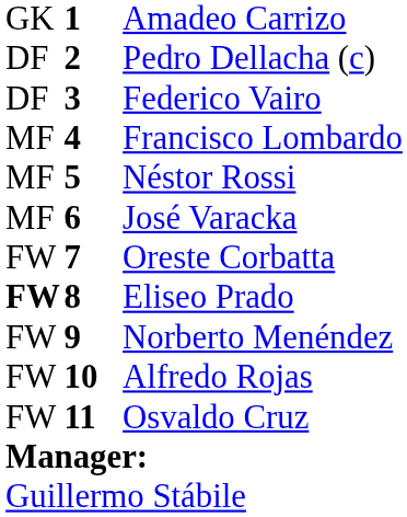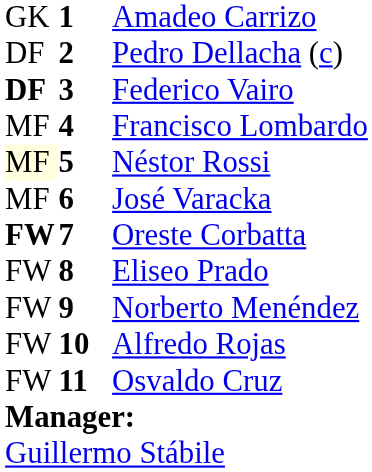 <table style="font-size:90%; margin:0.2em auto;" cellspacing="0" cellpadding="0">
 <tr>
 <th width="25"></th>
 <th width="25"></th>
 </tr>
 <tr>
 <td>GK</td>
 <td><strong>1</strong></td>
 <td><a href='#'>Amadeo Carrizo</a></td>
 </tr>
 <tr>
 <td>DF</td>
 <td><strong>2</strong></td>
 <td><a href='#'>Pedro Dellacha</a> (<a href='#'>c</a>)</td>
 </tr>
 <tr>
-<td>DF</td>
+<td><strong>DF</strong></td>
 <td><strong>3</strong></td>
 <td><a href='#'>Federico Vairo</a></td>
 </tr>
 <tr>
 <td>MF</td>
 <td><strong>4</strong></td>
 <td><a href='#'>Francisco Lombardo</a></td>
 </tr>
 <tr>
-<td>MF</td>
+<td style="background: lightyellow;">MF</td>
 <td><strong>5</strong></td>
 <td><a href='#'>Néstor Rossi</a></td>
 </tr>
 <tr>
 <td>MF</td>
 <td><strong>6</strong></td>
 <td><a href='#'>José Varacka</a></td>
 </tr>
 <tr>
-<td>FW</td>
+<td><strong>FW</strong></td>
 <td><strong>7</strong></td>
 <td><a href='#'>Oreste Corbatta</a></td>
 </tr>
 <tr>
-<td><strong>FW</strong></td>
+<td>FW</td>
 <td><strong>8</strong></td>
 <td><a href='#'>Eliseo Prado</a></td>
 </tr>
 <tr>
 <td>FW</td>
 <td><strong>9</strong></td>
 <td><a href='#'>Norberto Menéndez</a></td>
 </tr>
 <tr>
 <td>FW</td>
 <td><strong>10</strong></td>
 <td><a href='#'>Alfredo Rojas</a></td>
 </tr>
 <tr>
 <td>FW</td>
 <td><strong>11</strong></td>
 <td><a href='#'>Osvaldo Cruz</a></td>
 </tr>
 <tr>
 <td colspan=3><strong>Manager:</strong></td>
 </tr>
 <tr>
 <td colspan=4><a href='#'>Guillermo Stábile</a></td>
 </tr>
 </table>
